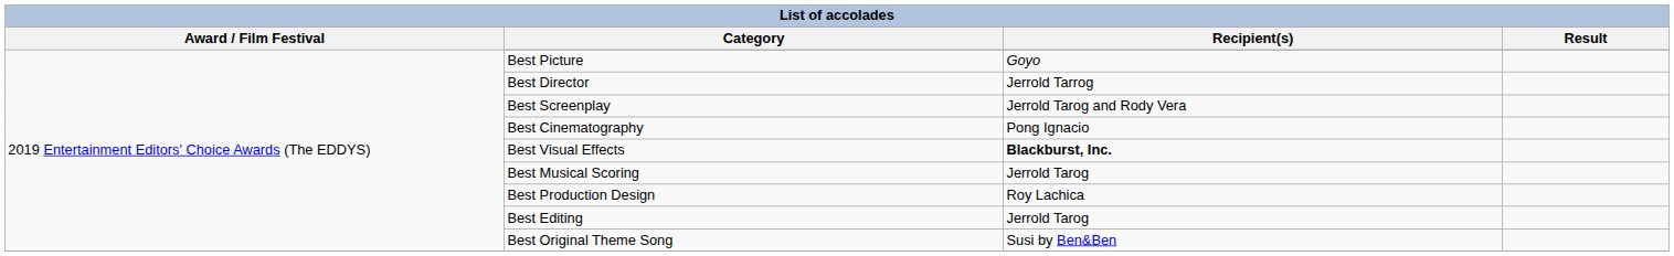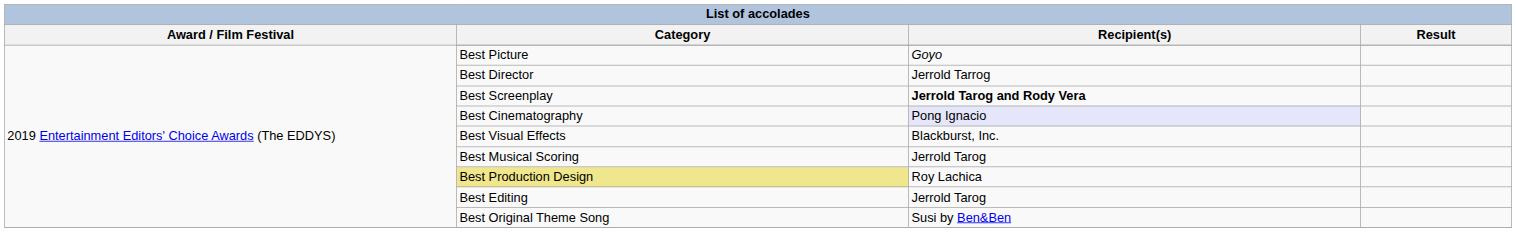 <table class="wikitable sortable" style="width:95%;">
 <tr style="background:#ccc; text-align:center;">
 <th colspan=5 style="background:#B0C4DE;">List of accolades</th>
 </tr>
 <tr style="background:#ccc; text-align:center;">
 <th scope="col" style="width:30%;">Award / Film Festival</th>
 <th scope="col" style="width:30%;">Category</th>
 <th scope="col" style="width:30%;">Recipient(s)</th>
 <th scope="col" style="width:10%;">Result</th>
 </tr>
 <tr>
 <td rowspan="10">2019 <a href='#'>Entertainment Editors' Choice Awards</a> (The EDDYS)</td>
 </tr>
 <tr>
 <td>Best Picture</td>
 <td><em>Goyo</em></td>
 <td></td>
 </tr>
 <tr>
 <td>Best Director</td>
 <td>Jerrold Tarrog</td>
 <td></td>
 </tr>
 <tr>
 <td>Best Screenplay</td>
-<td>Jerrold Tarog and Rody Vera</td>
+<td><strong>Jerrold Tarog and Rody Vera</strong></td>
 <td></td>
 </tr>
 <tr>
 <td>Best Cinematography</td>
-<td>Pong Ignacio</td>
+<td style="background: lavender;">Pong Ignacio</td>
 <td></td>
 </tr>
 <tr>
 <td>Best Visual Effects</td>
-<td><strong>Blackburst, Inc.</strong></td>
+<td>Blackburst, Inc.</td>
 <td></td>
 </tr>
 <tr>
 <td>Best Musical Scoring</td>
 <td>Jerrold Tarog</td>
 <td></td>
 </tr>
 <tr>
-<td>Best Production Design</td>
+<td style="background: khaki;">Best Production Design</td>
 <td>Roy Lachica</td>
 <td></td>
 </tr>
 <tr>
 <td>Best Editing</td>
 <td>Jerrold Tarog</td>
 <td></td>
 </tr>
 <tr>
 <td>Best Original Theme Song</td>
 <td>Susi by <a href='#'>Ben&Ben</a></td>
 <td></td>
 </tr>
 <tr>
 </tr>
 </table>
